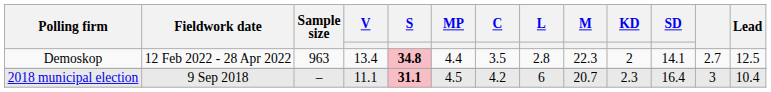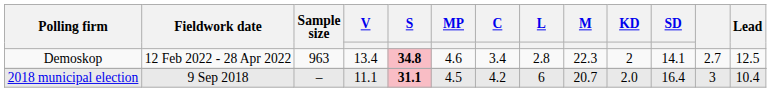 <table class="wikitable sortable" style="text-align:center;font-size:90%;line-height:14px;">
 <tr style="height:40px;">
 <th rowspan="2">Polling firm</th>
 <th rowspan="2">Fieldwork date</th>
 <th rowspan="2">Sample<br>size</th>
 <th class="sortable" style="width:40px;"><a href='#'>V</a></th>
 <th class="sortable" style="width:40px;"><a href='#'>S</a></th>
 <th class="sortable" style="width:40px;"><a href='#'>MP</a></th>
 <th class="sortable" style="width:40px;"><a href='#'>C</a></th>
 <th class="sortable" style="width:40px;"><a href='#'>L</a></th>
 <th class="sortable" style="width:40px;"><a href='#'>M</a></th>
 <th class="sortable" style="width:40px;"><a href='#'>KD</a></th>
 <th class="sortable" style="width:40px;"><a href='#'>SD</a></th>
 <th class="sortable" style="width:30px;" rowspan="2"></th>
 <th style="width:30px;" rowspan="2">Lead</th>
 </tr>
 <tr>
 <th style="background:"></th>
 <th style="background:"></th>
 <th style="background:"></th>
 <th style="background:"></th>
 <th style="background:"></th>
 <th style="background:"></th>
 <th style="background:"></th>
 <th style="background:"></th>
 </tr>
 <tr>
 <td>Demoskop</td>
 <td>12 Feb 2022 - 28 Apr 2022</td>
 <td>963</td>
 <td>13.4</td>
 <td style="background:#F9BDC5;"><strong>34.8</strong></td>
-<td>4.4</td>
-<td>3.5</td>
+<td>4.6</td>
+<td>3.4</td>
 <td>2.8</td>
 <td>22.3</td>
 <td>2</td>
 <td>14.1</td>
 <td>2.7</td>
 <td style="background:">12.5</td>
 </tr>
 <tr>
 </tr>
 <tr style="background:#E9E9E9;">
 <td><a href='#'>2018 municipal election</a></td>
 <td data-sort-value="2018-09-09">9 Sep 2018</td>
 <td>–</td>
 <td>11.1</td>
 <td style="background:#F9BDC5;"><strong>31.1</strong></td>
 <td>4.5</td>
 <td>4.2</td>
 <td>6</td>
 <td>20.7</td>
-<td>2.3</td>
+<td>2.0</td>
 <td>16.4</td>
 <td>3</td>
 <td style="background:">10.4</td>
 </tr>
 </table>
